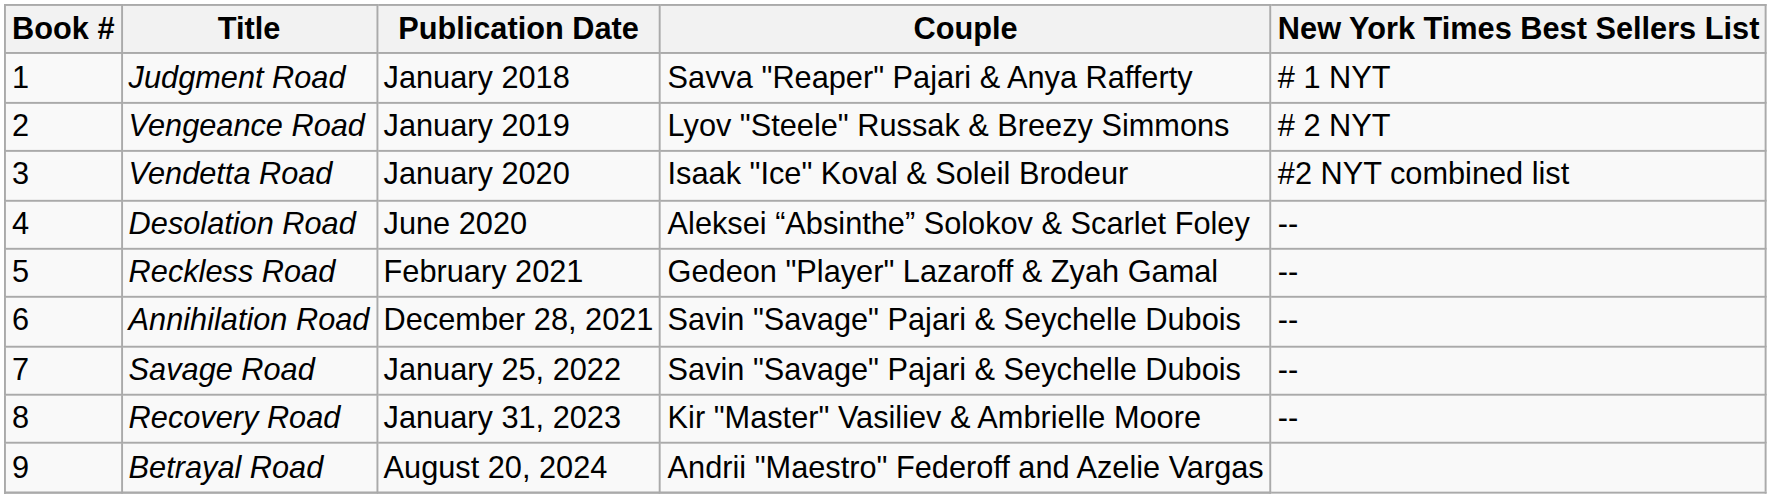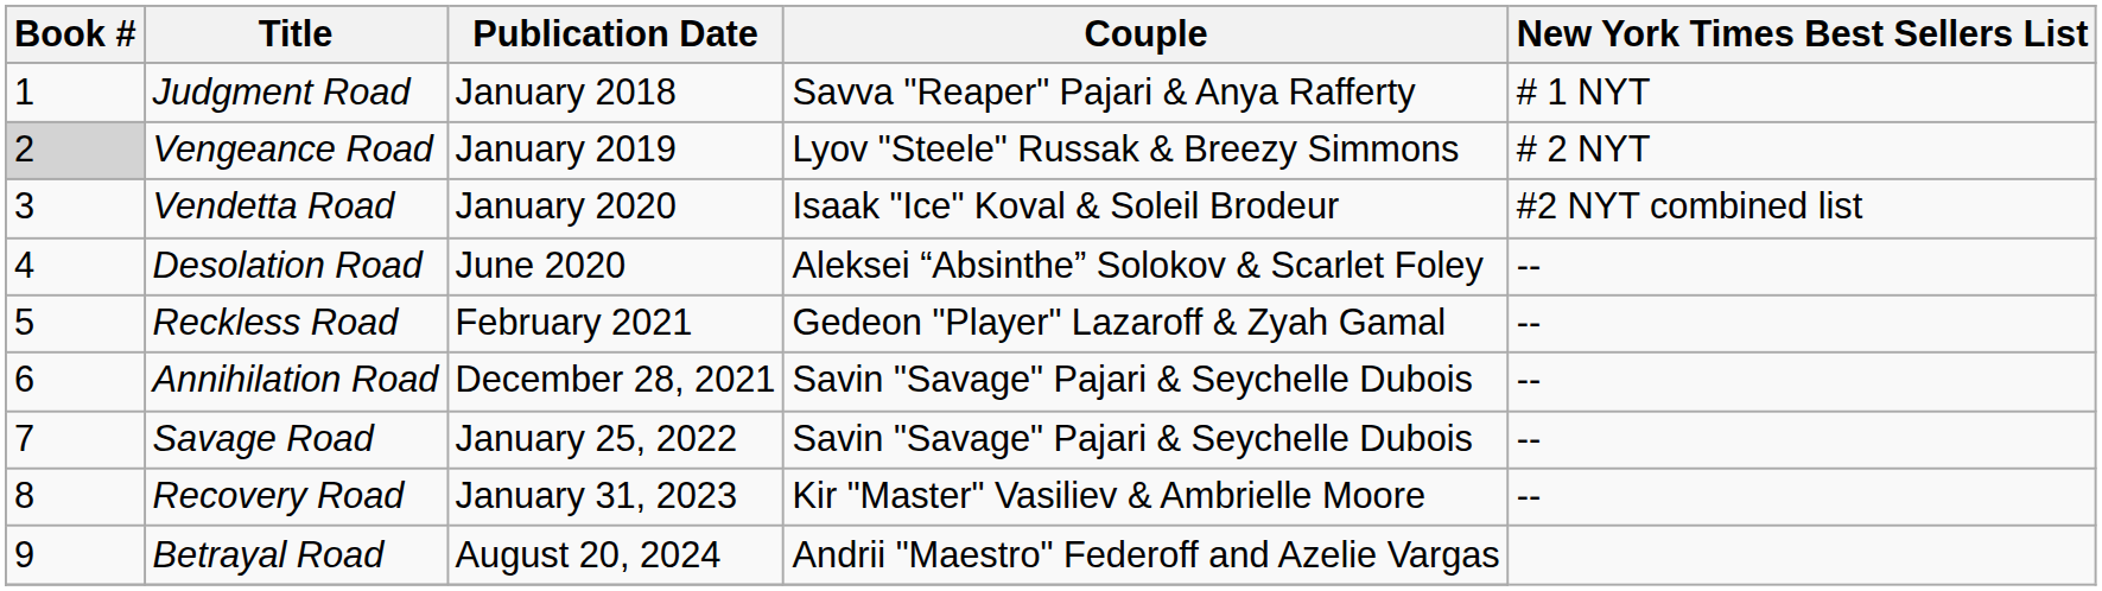 <table class="wikitable sortable mw-collapsible">
 <tr>
 <th>Book #</th>
 <th>Title</th>
 <th>Publication Date</th>
 <th>Couple</th>
 <th>New York Times Best Sellers List</th>
 </tr>
 <tr>
 <td>1</td>
 <td><em>Judgment Road</em></td>
 <td>January 2018</td>
 <td>Savva "Reaper" Pajari & Anya Rafferty</td>
 <td># 1 NYT</td>
 </tr>
 <tr>
-<td>2</td>
+<td style="background: lightgrey;">2</td>
 <td><em>Vengeance Road</em></td>
 <td>January 2019</td>
 <td>Lyov "Steele" Russak & Breezy Simmons</td>
 <td># 2 NYT</td>
 </tr>
 <tr>
 <td>3</td>
 <td><em>Vendetta Road</em></td>
 <td>January 2020</td>
 <td>Isaak "Ice" Koval & Soleil Brodeur</td>
 <td>#2 NYT combined list</td>
 </tr>
 <tr>
 <td>4</td>
 <td><em>Desolation Road</em></td>
 <td>June 2020</td>
 <td>Aleksei “Absinthe” Solokov & Scarlet Foley</td>
 <td>--</td>
 </tr>
 <tr>
 <td>5</td>
 <td><em>Reckless Road</em></td>
 <td>February 2021</td>
 <td>Gedeon "Player" Lazaroff & Zyah Gamal</td>
 <td>--</td>
 </tr>
 <tr>
 <td>6</td>
 <td><em>Annihilation Road</em> </td>
 <td>December 28, 2021</td>
 <td>Savin "Savage" Pajari & Seychelle Dubois</td>
 <td>--</td>
 </tr>
 <tr>
 <td>7</td>
 <td><em>Savage Road</em> </td>
 <td>January 25, 2022</td>
 <td>Savin "Savage" Pajari & Seychelle Dubois</td>
 <td>--</td>
 </tr>
 <tr>
 <td>8</td>
 <td><em>Recovery Road</em></td>
 <td>January 31, 2023</td>
 <td>Kir "Master" Vasiliev & Ambrielle Moore</td>
 <td>--</td>
 </tr>
 <tr>
 <td>9</td>
 <td><em>Betrayal Road</em> </td>
 <td>August 20, 2024</td>
 <td>Andrii "Maestro" Federoff and Azelie Vargas</td>
 </tr>
 <tr ->
 </tr>
 <tr>
 </tr>
 </table>
